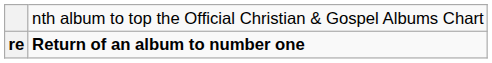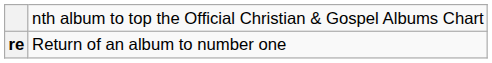 <table class="wikitable plainrowheaders" style="font-size:90%;">
 <tr>
 <th scope=col></th>
 <td>nth album to top the Official Christian & Gospel Albums Chart</td>
 </tr>
 <tr>
 <th scope=row style="text-align:center;">re</th>
-<td><strong>Return of an album to number one</strong></td>
+<td>Return of an album to number one</td>
 </tr>
 </table>
